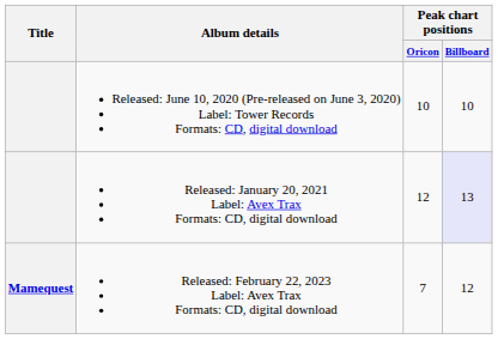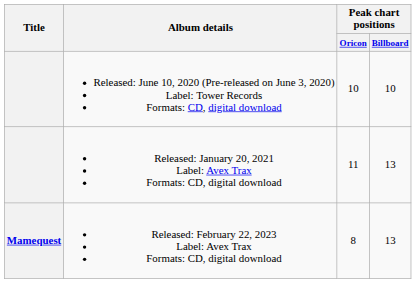 <table class="wikitable plainrowheaders" style="text-align:center;">
 <tr>
 <th scope="col" rowspan="2">Title</th>
 <th scope="col" rowspan="2">Album details</th>
 <th scope="col" colspan="2">Peak chart positions</th>
 </tr>
 <tr>
 <th scope="col" style="width:2.5em;"><small><a href='#'>Oricon</a></small></th>
 <th scope="col" style="width:2.5em;"><small><a href='#'>Billboard</a></small></th>
 </tr>
 <tr>
 <th scope="row"></th>
 <td><br><ul><li>Released: June 10, 2020 (Pre-released on June 3, 2020)</li><li>Label: Tower Records</li><li>Formats: <a href='#'>CD</a>, <a href='#'>digital download</a></li></ul></td>
 <td>10</td>
 <td>10</td>
 </tr>
 <tr>
 <th scope="row"><em></th>
 <td><br><ul><li>Released: January 20, 2021</li><li>Label: <a href='#'>Avex Trax</a></li><li>Formats: CD, digital download</li></ul></td>
-<td>12</td>
-<td style="background: lavender;">13</td>
+<td>11</td>
+<td>13</td>
 </tr>
 <tr>
 <th scope="row"></em><a href='#'>Mamequest</a><em></th>
 <td><br><ul><li>Released: February 22, 2023</li><li>Label: Avex Trax</li><li>Formats: CD, digital download</li></ul></td>
-<td>7</td>
-<td>12</td>
+<td>8</td>
+<td>13</td>
 </tr>
 </table>
